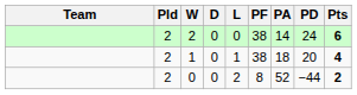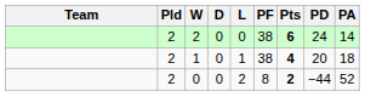 <table class="wikitable" style="text-align:center;">
 <tr>
 <th width=175>Team</th>
 <th width=20 abbr="Played">Pld</th>
 <th width=20 abbr="Won">W</th>
 <th width=20 abbr="Drawn">D</th>
 <th width=20 abbr="Lost">L</th>
 <th width=20 abbr="Points for">PF</th>
+<th width=20 abbr="Points">Pts</th>
+<th width=30 abbr="Points difference">PD</th>
 <th width=20 abbr="Points against">PA</th>
-<th width=30 abbr="Points difference">PD</th>
-<th width=20 abbr="Points">Pts</th>
 </tr>
 <tr bgcolor=ccffcc>
 <td align=left></td>
 <td>2</td>
 <td>2</td>
 <td>0</td>
 <td>0</td>
 <td>38</td>
+<td><strong> 6 </strong></td>
+<td>24</td>
 <td>14</td>
-<td>24</td>
-<td><strong> 6 </strong></td>
 </tr>
 <tr>
 <td align=left></td>
 <td>2</td>
 <td>1</td>
 <td>0</td>
 <td>1</td>
 <td>38</td>
+<td><strong> 4 </strong></td>
+<td>20</td>
 <td>18</td>
-<td>20</td>
-<td><strong> 4 </strong></td>
 </tr>
 <tr>
 <td align=left></td>
 <td>2</td>
 <td>0</td>
 <td>0</td>
 <td>2</td>
 <td>8</td>
+<td><strong> 2 </strong></td>
+<td>−44</td>
 <td>52</td>
-<td>−44</td>
-<td><strong> 2 </strong></td>
 </tr>
 </table>
